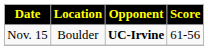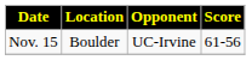 <table class="wikitable" style="text-align:center">
 <tr>
 <th style="background:black;color:yellow;">Date</th>
 <th style="background:black;color:yellow;">Location</th>
 <th style="background:black;color:yellow;">Opponent</th>
 <th style="background:black;color:yellow;">Score</th>
 </tr>
 <tr>
 <td>Nov. 15</td>
 <td>Boulder</td>
-<td><strong>UC-Irvine</strong></td>
+<td>UC-Irvine</td>
 <td>61-56</td>
 </tr>
 <tr>
 </tr>
 </table>
